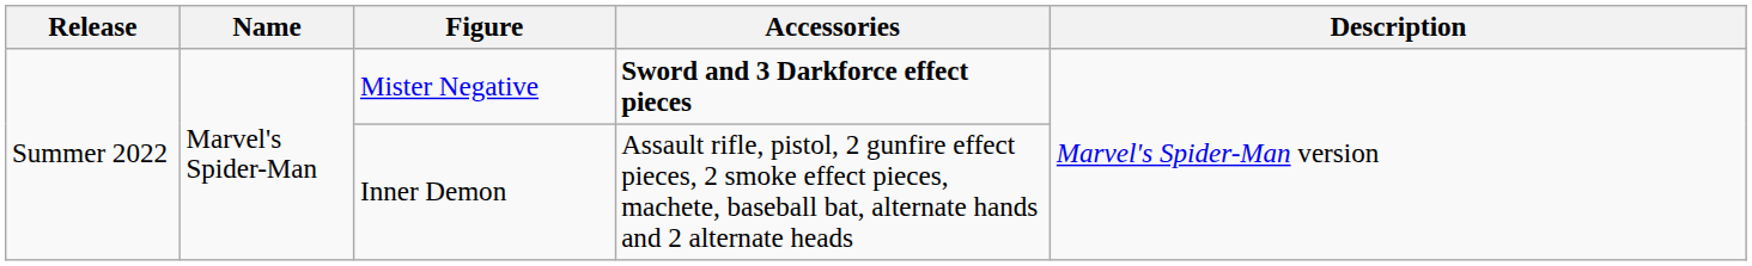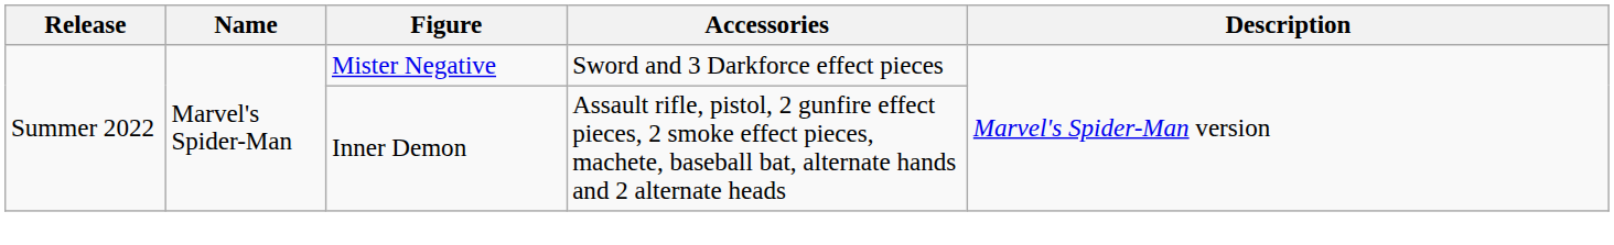 <table class="wikitable" style="width:80%;">
 <tr>
 <th width=10%>Release</th>
 <th width=10%>Name</th>
 <th width=15%>Figure</th>
 <th width=25%>Accessories</th>
 <th width=40%>Description</th>
 </tr>
 <tr>
 <td rowspan=2>Summer 2022</td>
 <td rowspan=2>Marvel's Spider-Man</td>
 <td><a href='#'>Mister Negative</a></td>
-<td><strong>Sword and 3 Darkforce effect pieces</strong></td>
+<td>Sword and 3 Darkforce effect pieces</td>
 <td rowspan=2><em><a href='#'>Marvel's Spider-Man</a></em> version</td>
 </tr>
 <tr>
 <td>Inner Demon</td>
 <td>Assault rifle, pistol, 2 gunfire effect pieces, 2 smoke effect pieces, machete, baseball bat, alternate hands and 2 alternate heads</td>
 </tr>
 </table>
